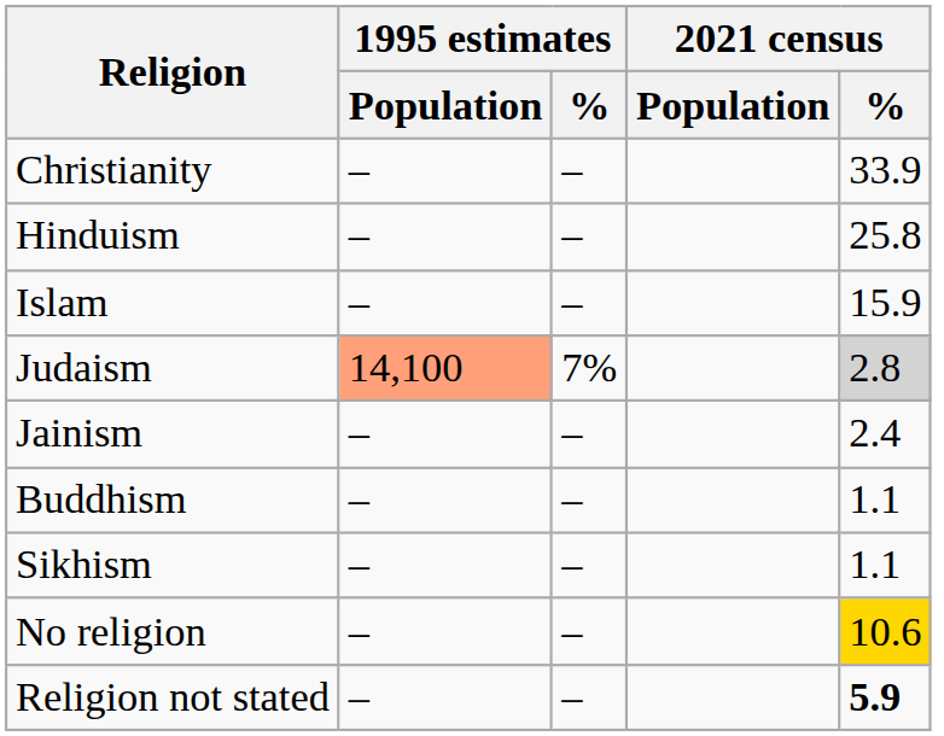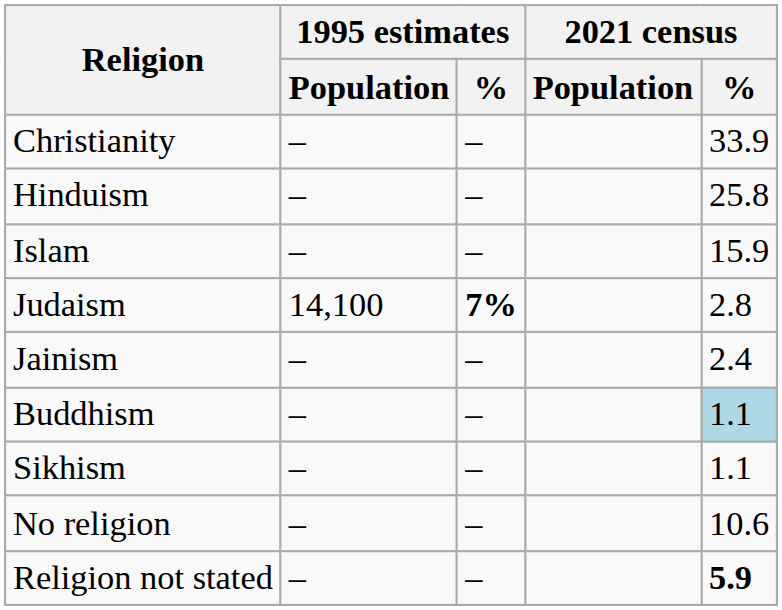 <table class="wikitable">
 <tr>
 <th rowspan="2">Religion</th>
 <th colspan="2">1995 estimates</th>
 <th colspan="2">2021 census</th>
 </tr>
 <tr>
 <th>Population</th>
 <th>%</th>
 <th>Population</th>
 <th>%</th>
 </tr>
 <tr>
 <td>Christianity</td>
 <td>–</td>
 <td>–</td>
 <td></td>
 <td>33.9</td>
 </tr>
 <tr>
 <td>Hinduism</td>
 <td>–</td>
 <td>–</td>
 <td></td>
 <td>25.8</td>
 </tr>
 <tr>
 <td>Islam</td>
 <td>–</td>
 <td>–</td>
 <td></td>
 <td>15.9</td>
 </tr>
 <tr>
 <td>Judaism</td>
-<td style="background: lightsalmon;">14,100</td>
-<td>7%</td>
+<td>14,100</td>
+<td><strong>7%</strong></td>
 <td></td>
-<td style="background: lightgrey;">2.8</td>
+<td>2.8</td>
 </tr>
 <tr>
 <td>Jainism</td>
 <td>–</td>
 <td>–</td>
 <td></td>
 <td>2.4</td>
 </tr>
 <tr>
 <td>Buddhism</td>
 <td>–</td>
 <td>–</td>
 <td></td>
-<td>1.1</td>
+<td style="background: lightblue;">1.1</td>
 </tr>
 <tr>
 <td>Sikhism</td>
 <td>–</td>
 <td>–</td>
 <td></td>
 <td>1.1</td>
 </tr>
 <tr>
 <td>No religion</td>
 <td>–</td>
 <td>–</td>
 <td></td>
-<td style="background: gold;">10.6</td>
+<td>10.6</td>
 </tr>
 <tr>
 <td>Religion not stated</td>
 <td>–</td>
 <td>–</td>
 <td></td>
 <td><strong>5.9</strong></td>
 </tr>
 </table>
